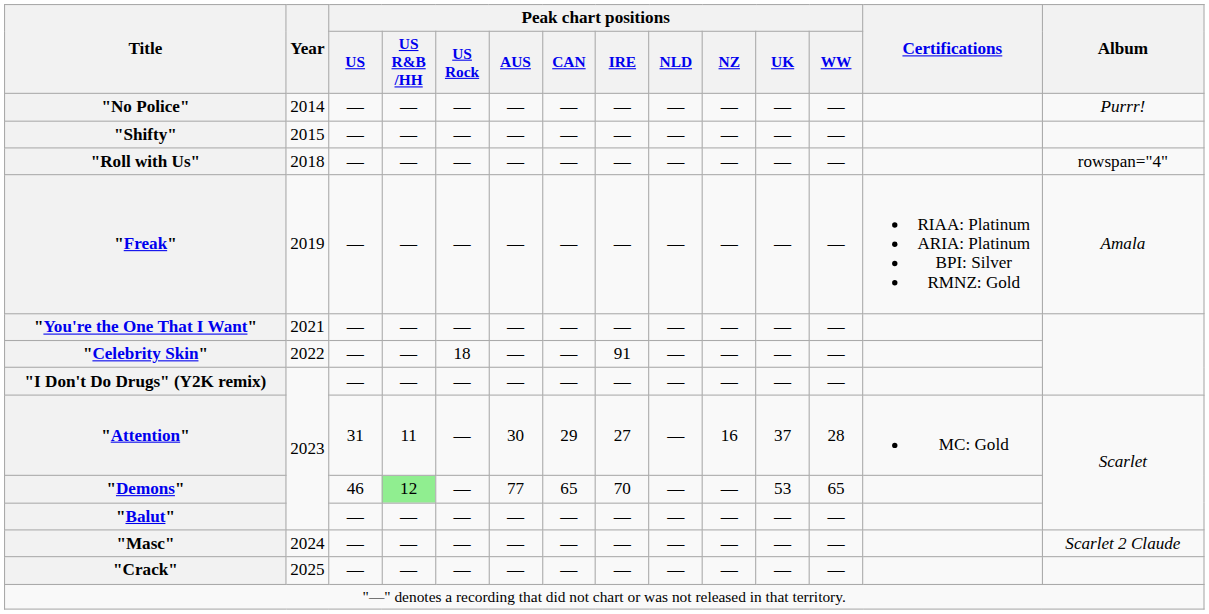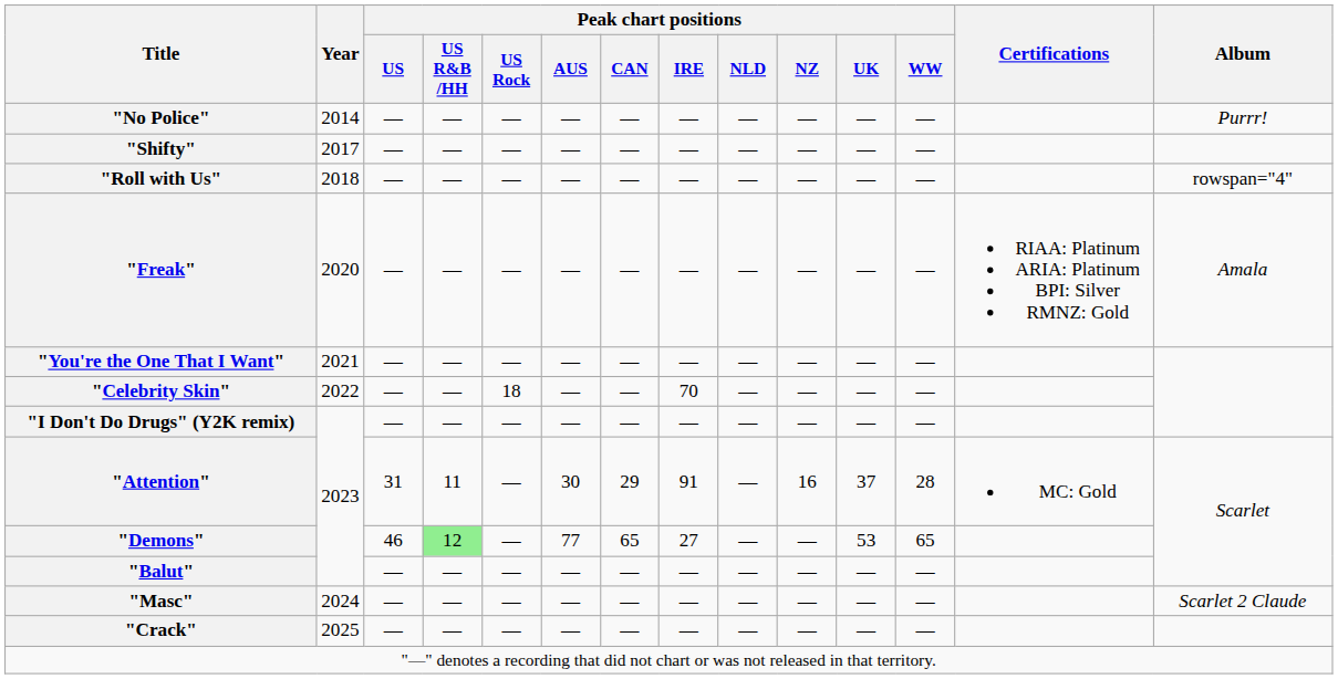 <table class="wikitable plainrowheaders" style="text-align:center;">
 <tr>
 <th scope="col" rowspan="2" style="width:16em;">Title</th>
 <th scope="col" rowspan="2" style="width:1em;">Year</th>
 <th scope="col" colspan="10">Peak chart positions</th>
 <th scope="col" rowspan="2" style="width:10em;"><a href='#'>Certifications</a></th>
 <th scope="col" rowspan="2" style="width:9em;">Album</th>
 </tr>
 <tr>
 <th scope="col" style="width:3em;font-size:90%;"><a href='#'>US</a><br></th>
 <th scope="col" style="width:3em;font-size:90%;"><a href='#'>US<br>R&B<br>/HH</a><br></th>
 <th scope="col" style="width:3em;font-size:90%;"><a href='#'>US<br>Rock</a><br></th>
 <th scope="col" style="width:3em;font-size:90%;"><a href='#'>AUS</a><br></th>
 <th scope="col" style="width:3em;font-size:90%;"><a href='#'>CAN</a><br></th>
 <th scope="col" style="width:3em;font-size:90%;"><a href='#'>IRE</a><br></th>
 <th scope="col" style="width:3em;font-size:90%"><a href='#'>NLD</a><br></th>
 <th scope="col" style="width:3em;font-size:90%;"><a href='#'>NZ</a><br></th>
 <th scope="col" style="width:3em;font-size:90%;"><a href='#'>UK</a><br></th>
 <th scope="col" style="width:3em;font-size:90%;"><a href='#'>WW</a><br></th>
 </tr>
 <tr>
 <th scope="row">"No Police"</th>
 <td>2014</td>
 <td>—</td>
 <td>—</td>
 <td>—</td>
 <td>—</td>
 <td>—</td>
 <td>—</td>
 <td>—</td>
 <td>—</td>
 <td>—</td>
 <td>—</td>
 <td></td>
 <td><em>Purrr!</em></td>
 </tr>
 <tr>
 <th scope="row">"Shifty"<br></th>
-<td>2015</td>
+<td>2017</td>
 <td>—</td>
 <td>—</td>
 <td>—</td>
 <td>—</td>
 <td>—</td>
 <td>—</td>
 <td>—</td>
 <td>—</td>
 <td>—</td>
 <td>—</td>
 <td></td>
 <td></td>
 </tr>
 <tr>
 <th scope="row">"Roll with Us"</th>
 <td>2018</td>
 <td>—</td>
 <td>—</td>
 <td>—</td>
 <td>—</td>
 <td>—</td>
 <td>—</td>
 <td>—</td>
 <td>—</td>
 <td>—</td>
 <td>—</td>
 <td></td>
 <td>rowspan="4" </td>
 </tr>
 <tr>
 <th scope="row">"<a href='#'>Freak</a>"</th>
-<td>2019</td>
+<td>2020</td>
 <td>—</td>
 <td>—</td>
 <td>—</td>
 <td>—</td>
 <td>—</td>
 <td>—</td>
 <td>—</td>
 <td>—</td>
 <td>—</td>
 <td>—</td>
 <td><br><ul><li>RIAA: Platinum</li><li>ARIA: Platinum</li><li>BPI: Silver</li><li>RMNZ: Gold</li></ul></td>
 <td><em>Amala</em></td>
 </tr>
 <tr>
 <th scope="row">"<a href='#'>You're the One That I Want</a>"</th>
 <td>2021</td>
 <td>—</td>
 <td>—</td>
 <td>—</td>
 <td>—</td>
 <td>—</td>
 <td>—</td>
 <td>—</td>
 <td>—</td>
 <td>—</td>
 <td>—</td>
 <td></td>
 </tr>
 <tr>
 <th scope="row">"<a href='#'>Celebrity Skin</a>"</th>
 <td>2022</td>
 <td>—</td>
 <td>—</td>
 <td>18</td>
 <td>—</td>
 <td>—</td>
-<td>91</td>
+<td>70</td>
 <td>—</td>
 <td>—</td>
 <td>—</td>
 <td>—</td>
 <td></td>
 </tr>
 <tr>
 <th scope="row">"I Don't Do Drugs" (Y2K remix)</th>
 <td rowspan="4">2023</td>
 <td>—</td>
 <td>—</td>
 <td>—</td>
 <td>—</td>
 <td>—</td>
 <td>—</td>
 <td>—</td>
 <td>—</td>
 <td>—</td>
 <td>—</td>
 <td></td>
 </tr>
 <tr>
 <th scope="row">"<a href='#'>Attention</a>"</th>
 <td>31</td>
 <td>11</td>
 <td>—</td>
 <td>30</td>
 <td>29</td>
-<td>27</td>
+<td>91</td>
 <td>—</td>
 <td>16</td>
 <td>37</td>
 <td>28</td>
 <td><br><ul><li>MC: Gold</li></ul></td>
 <td rowspan="3"><em>Scarlet</em></td>
 </tr>
 <tr>
 <th scope="row">"<a href='#'>Demons</a>"</th>
 <td>46</td>
 <td style="background: lightgreen;">12</td>
 <td>—</td>
 <td>77</td>
 <td>65</td>
-<td>70</td>
+<td>27</td>
 <td>—</td>
 <td>—</td>
 <td>53</td>
 <td>65</td>
 </tr>
 <tr>
 <th scope="row">"<a href='#'>Balut</a>"</th>
 <td>—</td>
 <td>—</td>
 <td>—</td>
 <td>—</td>
 <td>—</td>
 <td>—</td>
 <td>—</td>
 <td>—</td>
 <td>—</td>
 <td>—</td>
 <td></td>
 </tr>
 <tr>
 <th scope="row">"Masc"<br></th>
 <td>2024</td>
 <td>—</td>
 <td>—</td>
 <td>—</td>
 <td>—</td>
 <td>—</td>
 <td>—</td>
 <td>—</td>
 <td>—</td>
 <td>—</td>
 <td>—</td>
 <td></td>
 <td><em>Scarlet 2 Claude</em></td>
 </tr>
 <tr>
 <th scope="row">"Crack"</th>
 <td>2025</td>
 <td>—</td>
 <td>—</td>
 <td>—</td>
 <td>—</td>
 <td>—</td>
 <td>—</td>
 <td>—</td>
 <td>—</td>
 <td>—</td>
 <td>—</td>
 <td></td>
 <td></td>
 </tr>
 <tr>
 <td colspan="15" style="font-size:90%">"—" denotes a recording that did not chart or was not released in that territory.</td>
 </tr>
 </table>
